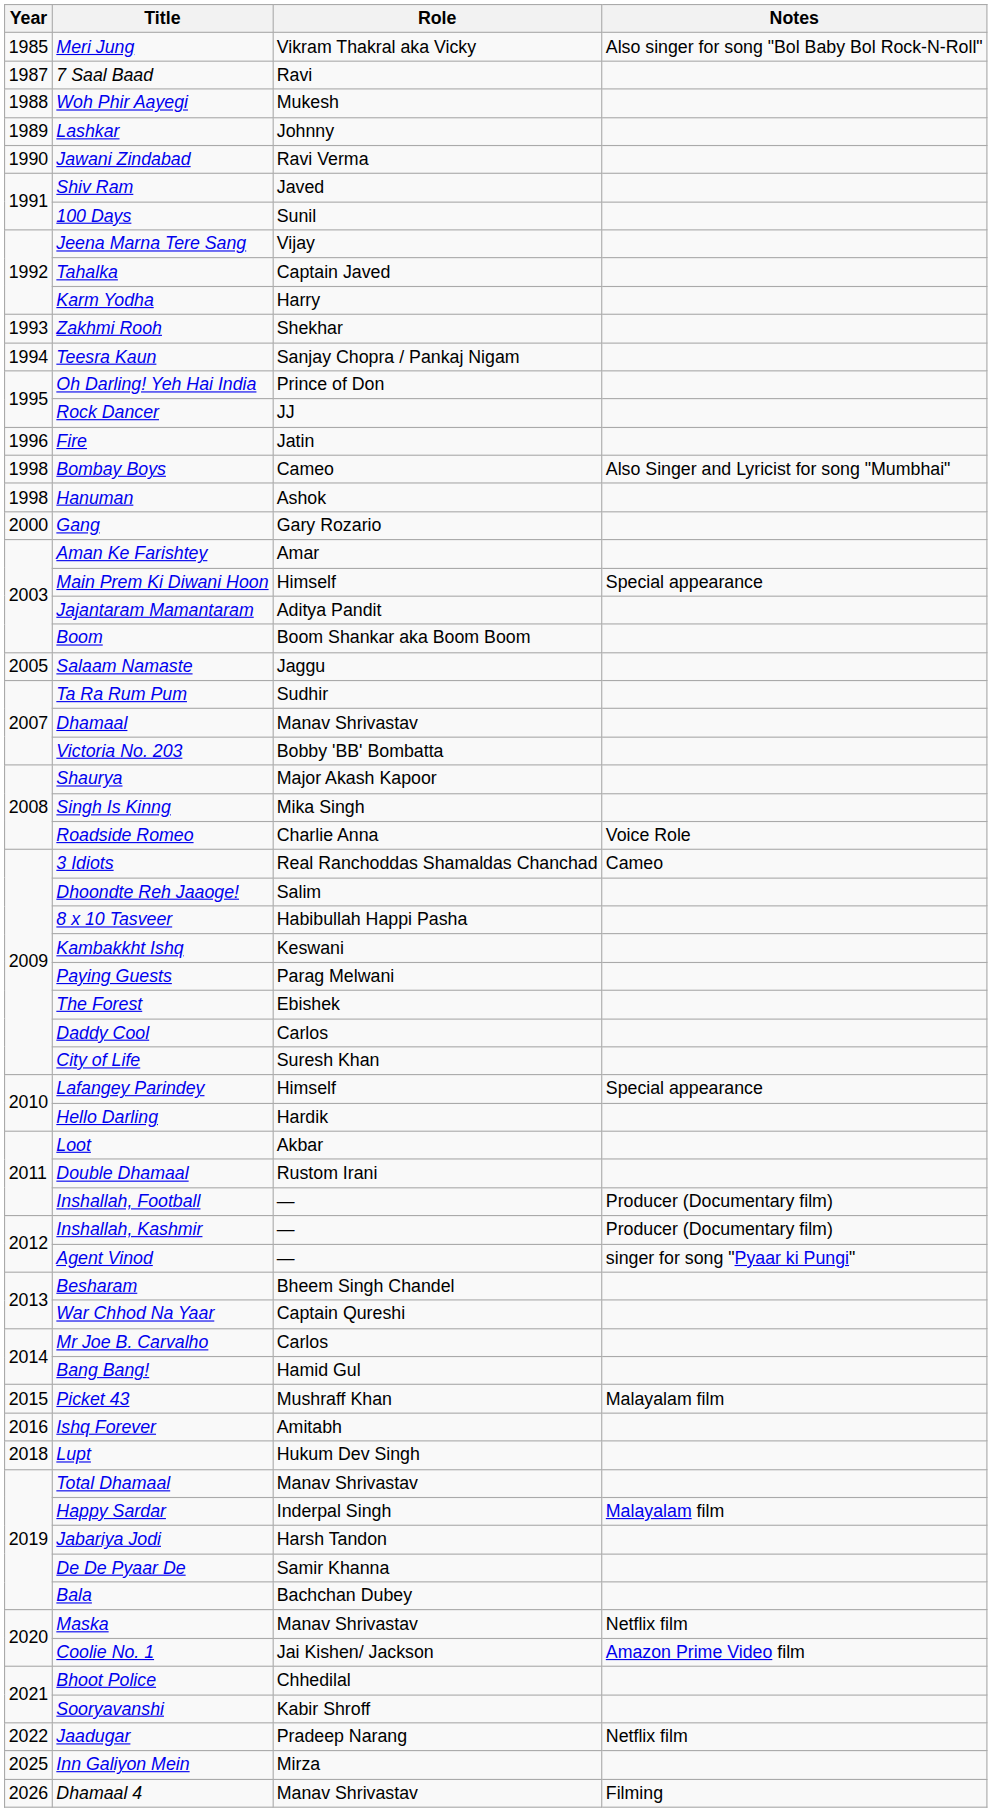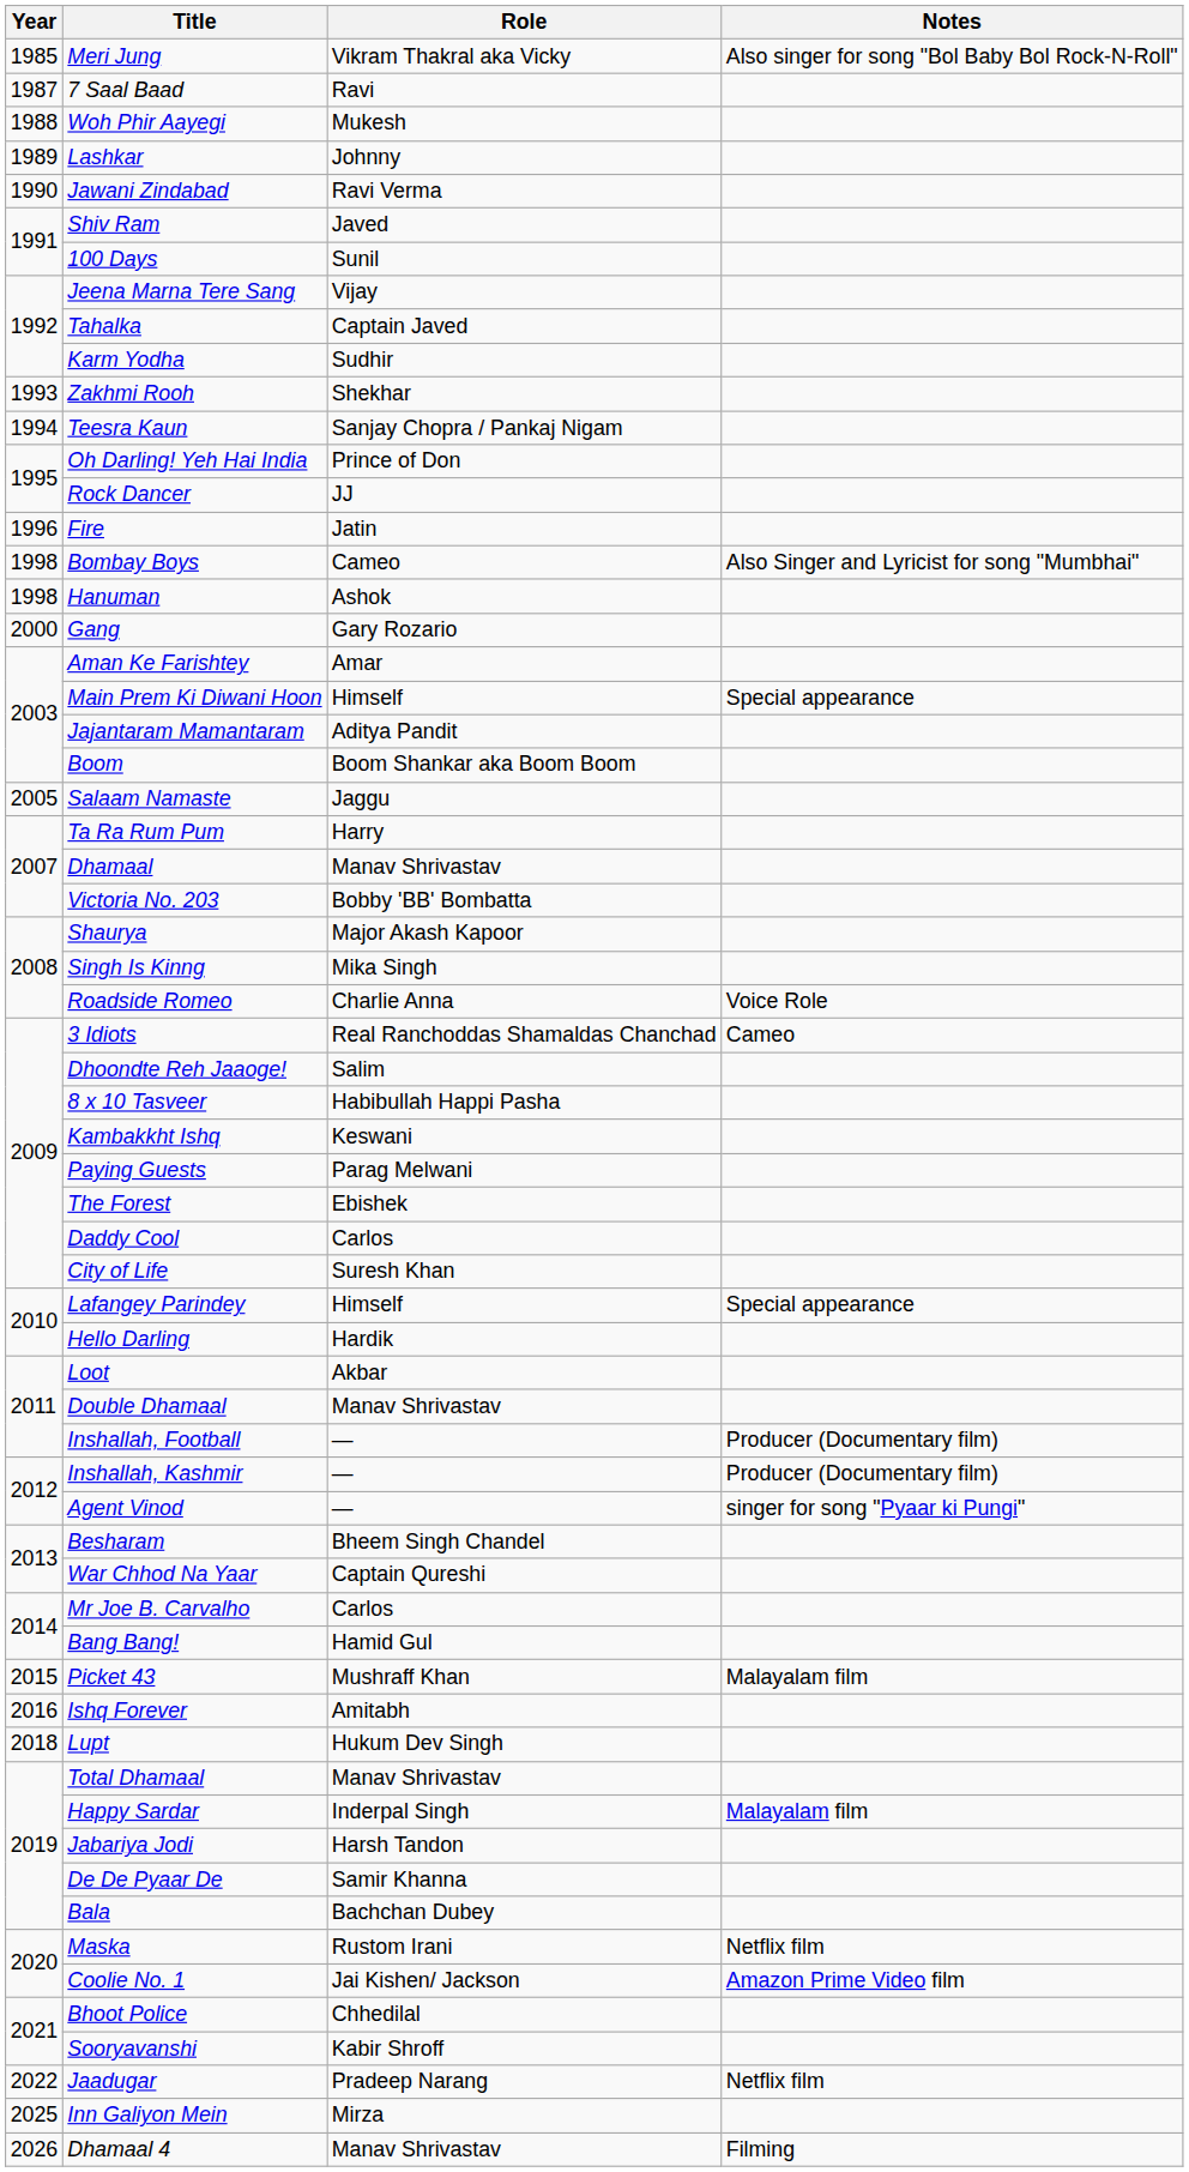 <table class="wikitable" style="fontsize:100%;">
 <tr>
 <th>Year</th>
 <th>Title</th>
 <th>Role</th>
 <th>Notes</th>
 </tr>
 <tr>
 <td>1985</td>
 <td><em><a href='#'>Meri Jung</a></em></td>
 <td>Vikram Thakral aka Vicky</td>
 <td>Also singer for song "Bol Baby Bol Rock-N-Roll"</td>
 </tr>
 <tr>
 <td>1987</td>
 <td><em>7 Saal Baad </em></td>
 <td>Ravi</td>
 <td></td>
 </tr>
 <tr>
 <td>1988</td>
 <td><em><a href='#'>Woh Phir Aayegi</a></em></td>
 <td>Mukesh</td>
 <td></td>
 </tr>
 <tr>
 <td>1989</td>
 <td><em><a href='#'>Lashkar</a></em></td>
 <td>Johnny</td>
 <td></td>
 </tr>
 <tr>
 <td>1990</td>
 <td><em><a href='#'>Jawani Zindabad</a></em></td>
 <td>Ravi Verma</td>
 <td></td>
 </tr>
 <tr>
 <td rowspan="2">1991</td>
 <td><em><a href='#'>Shiv Ram</a></em></td>
 <td>Javed</td>
 <td></td>
 </tr>
 <tr>
 <td><em><a href='#'>100 Days</a></em></td>
 <td>Sunil</td>
 <td></td>
 </tr>
 <tr>
 <td rowspan="3">1992</td>
 <td><em><a href='#'>Jeena Marna Tere Sang</a></em></td>
 <td>Vijay</td>
 <td></td>
 </tr>
 <tr>
 <td><em><a href='#'>Tahalka</a></em></td>
 <td>Captain Javed</td>
 <td></td>
 </tr>
 <tr>
 <td><em><a href='#'>Karm Yodha</a></em></td>
-<td>Harry</td>
+<td>Sudhir</td>
 <td></td>
 </tr>
 <tr>
 <td>1993</td>
 <td><em><a href='#'>Zakhmi Rooh</a></em></td>
 <td>Shekhar</td>
 <td></td>
 </tr>
 <tr>
 <td>1994</td>
 <td><em><a href='#'>Teesra Kaun</a></em></td>
 <td>Sanjay Chopra / Pankaj Nigam</td>
 <td></td>
 </tr>
 <tr>
 <td rowspan="2">1995</td>
 <td><em><a href='#'>Oh Darling! Yeh Hai India</a></em></td>
 <td>Prince of Don</td>
 <td></td>
 </tr>
 <tr>
 <td><em><a href='#'>Rock Dancer</a></em></td>
 <td>JJ</td>
 <td></td>
 </tr>
 <tr>
 <td>1996</td>
 <td><em><a href='#'>Fire</a></em></td>
 <td>Jatin</td>
 <td></td>
 </tr>
 <tr>
 <td>1998</td>
 <td><em><a href='#'>Bombay Boys</a></em></td>
 <td>Cameo</td>
 <td>Also Singer and Lyricist for song "Mumbhai"</td>
 </tr>
 <tr>
 <td>1998</td>
 <td><em><a href='#'>Hanuman</a></em></td>
 <td>Ashok</td>
 <td></td>
 </tr>
 <tr>
 <td>2000</td>
 <td><em><a href='#'>Gang</a></em></td>
 <td>Gary Rozario</td>
 <td></td>
 </tr>
 <tr>
 <td rowspan="4">2003</td>
 <td><em><a href='#'>Aman Ke Farishtey</a></em></td>
 <td>Amar</td>
 <td></td>
 </tr>
 <tr>
 <td><em><a href='#'>Main Prem Ki Diwani Hoon</a></em></td>
 <td>Himself</td>
 <td>Special appearance</td>
 </tr>
 <tr>
 <td><em><a href='#'>Jajantaram Mamantaram</a></em></td>
 <td>Aditya Pandit</td>
 <td></td>
 </tr>
 <tr>
 <td><em><a href='#'>Boom</a></em></td>
 <td>Boom Shankar aka Boom Boom</td>
 <td></td>
 </tr>
 <tr>
 <td>2005</td>
 <td><em><a href='#'>Salaam Namaste</a></em></td>
 <td>Jaggu</td>
 <td></td>
 </tr>
 <tr>
 <td rowspan="3">2007</td>
 <td><em><a href='#'>Ta Ra Rum Pum</a></em></td>
-<td>Sudhir</td>
+<td>Harry</td>
 <td></td>
 </tr>
 <tr>
 <td><em><a href='#'>Dhamaal</a></em></td>
 <td>Manav Shrivastav</td>
 <td></td>
 </tr>
 <tr>
 <td><em><a href='#'>Victoria No. 203</a></em></td>
 <td>Bobby 'BB' Bombatta</td>
 <td></td>
 </tr>
 <tr>
 <td rowspan="3">2008</td>
 <td><em><a href='#'>Shaurya</a></em></td>
 <td>Major Akash Kapoor</td>
 <td></td>
 </tr>
 <tr>
 <td><em><a href='#'>Singh Is Kinng</a></em></td>
 <td>Mika Singh</td>
 <td></td>
 </tr>
 <tr>
 <td><em><a href='#'>Roadside Romeo</a></em></td>
 <td>Charlie Anna</td>
 <td>Voice Role</td>
 </tr>
 <tr>
 <td rowspan="8">2009</td>
 <td><em><a href='#'>3 Idiots</a></em></td>
 <td>Real Ranchoddas Shamaldas Chanchad</td>
 <td>Cameo</td>
 </tr>
 <tr>
 <td><em><a href='#'>Dhoondte Reh Jaaoge!</a></em></td>
 <td>Salim</td>
 <td></td>
 </tr>
 <tr>
 <td><em><a href='#'>8 x 10 Tasveer</a></em></td>
 <td>Habibullah Happi Pasha</td>
 <td></td>
 </tr>
 <tr>
 <td><em><a href='#'>Kambakkht Ishq</a></em></td>
 <td>Keswani</td>
 <td></td>
 </tr>
 <tr>
 <td><em><a href='#'>Paying Guests</a></em></td>
 <td>Parag Melwani</td>
 <td></td>
 </tr>
 <tr>
 <td><em><a href='#'>The Forest</a></em></td>
 <td>Ebishek</td>
 <td></td>
 </tr>
 <tr>
 <td><em><a href='#'>Daddy Cool</a></em></td>
 <td>Carlos</td>
 <td></td>
 </tr>
 <tr>
 <td><em><a href='#'>City of Life</a></em></td>
 <td>Suresh Khan</td>
 <td></td>
 </tr>
 <tr>
 <td rowspan="2">2010</td>
 <td><em><a href='#'>Lafangey Parindey</a></em></td>
 <td>Himself</td>
 <td>Special appearance</td>
 </tr>
 <tr>
 <td><em><a href='#'>Hello Darling</a></em></td>
 <td>Hardik</td>
 <td></td>
 </tr>
 <tr>
 <td rowspan="3">2011</td>
 <td><em><a href='#'>Loot</a></em></td>
 <td>Akbar</td>
 <td></td>
 </tr>
 <tr>
 <td><em><a href='#'>Double Dhamaal</a></em></td>
-<td>Rustom Irani</td>
+<td>Manav Shrivastav</td>
 <td></td>
 </tr>
 <tr>
 <td><em><a href='#'>Inshallah, Football</a></em></td>
 <td>—</td>
 <td>Producer (Documentary film)</td>
 </tr>
 <tr>
 <td rowspan="2">2012</td>
 <td><em><a href='#'>Inshallah, Kashmir</a></em></td>
 <td>—</td>
 <td>Producer (Documentary film)</td>
 </tr>
 <tr>
 <td><em><a href='#'>Agent Vinod</a></em></td>
 <td>—</td>
 <td>singer for song "<a href='#'>Pyaar ki Pungi</a>"</td>
 </tr>
 <tr>
 <td rowspan="2">2013</td>
 <td><em><a href='#'>Besharam</a></em></td>
 <td>Bheem Singh Chandel</td>
 <td></td>
 </tr>
 <tr>
 <td><em><a href='#'>War Chhod Na Yaar</a></em></td>
 <td>Captain Qureshi</td>
 <td></td>
 </tr>
 <tr>
 <td rowspan="2">2014</td>
 <td><em><a href='#'>Mr Joe B. Carvalho</a></em></td>
 <td>Carlos</td>
 <td></td>
 </tr>
 <tr>
 <td><em><a href='#'>Bang Bang!</a></em></td>
 <td>Hamid Gul</td>
 <td></td>
 </tr>
 <tr>
 <td>2015</td>
 <td><em><a href='#'>Picket 43</a></em></td>
 <td>Mushraff Khan</td>
 <td>Malayalam film</td>
 </tr>
 <tr>
 <td>2016</td>
 <td><em><a href='#'>Ishq Forever</a></em></td>
 <td>Amitabh</td>
 <td></td>
 </tr>
 <tr>
 <td>2018</td>
 <td><em><a href='#'>Lupt</a></em></td>
 <td>Hukum Dev Singh</td>
 <td></td>
 </tr>
 <tr>
 <td rowspan="5">2019</td>
 <td><em><a href='#'>Total Dhamaal</a></em></td>
 <td>Manav Shrivastav</td>
 <td></td>
 </tr>
 <tr>
 <td><em><a href='#'>Happy Sardar</a></em></td>
 <td>Inderpal Singh</td>
 <td><a href='#'>Malayalam</a> film</td>
 </tr>
 <tr>
 <td><em><a href='#'>Jabariya Jodi</a></em></td>
 <td>Harsh Tandon</td>
 <td></td>
 </tr>
 <tr>
 <td><em><a href='#'>De De Pyaar De</a></em></td>
 <td>Samir Khanna</td>
 <td></td>
 </tr>
 <tr>
 <td><em><a href='#'>Bala</a></em></td>
 <td>Bachchan Dubey</td>
 <td></td>
 </tr>
 <tr>
 <td rowspan="2">2020</td>
 <td><em><a href='#'>Maska</a></em></td>
-<td>Manav Shrivastav</td>
+<td>Rustom Irani</td>
 <td>Netflix film</td>
 </tr>
 <tr>
 <td><em><a href='#'>Coolie No. 1</a></em></td>
 <td>Jai Kishen/ Jackson</td>
 <td><a href='#'>Amazon Prime Video</a> film</td>
 </tr>
 <tr>
 <td rowspan="2">2021</td>
 <td scope="row"><em><a href='#'>Bhoot Police</a></em></td>
 <td>Chhedilal</td>
 <td></td>
 </tr>
 <tr>
 <td scope="row"><em><a href='#'>Sooryavanshi</a></em></td>
 <td>Kabir Shroff</td>
 <td></td>
 </tr>
 <tr>
 <td>2022</td>
 <td scope="row"><em><a href='#'>Jaadugar</a></em></td>
 <td>Pradeep Narang</td>
 <td>Netflix film</td>
 </tr>
 <tr>
 <td>2025</td>
 <td><em><a href='#'>Inn Galiyon Mein</a></em></td>
 <td>Mirza</td>
 </tr>
 <tr>
 <td>2026</td>
 <td><em>Dhamaal 4</em></td>
 <td>Manav Shrivastav</td>
 <td>Filming</td>
 </tr>
 </table>
